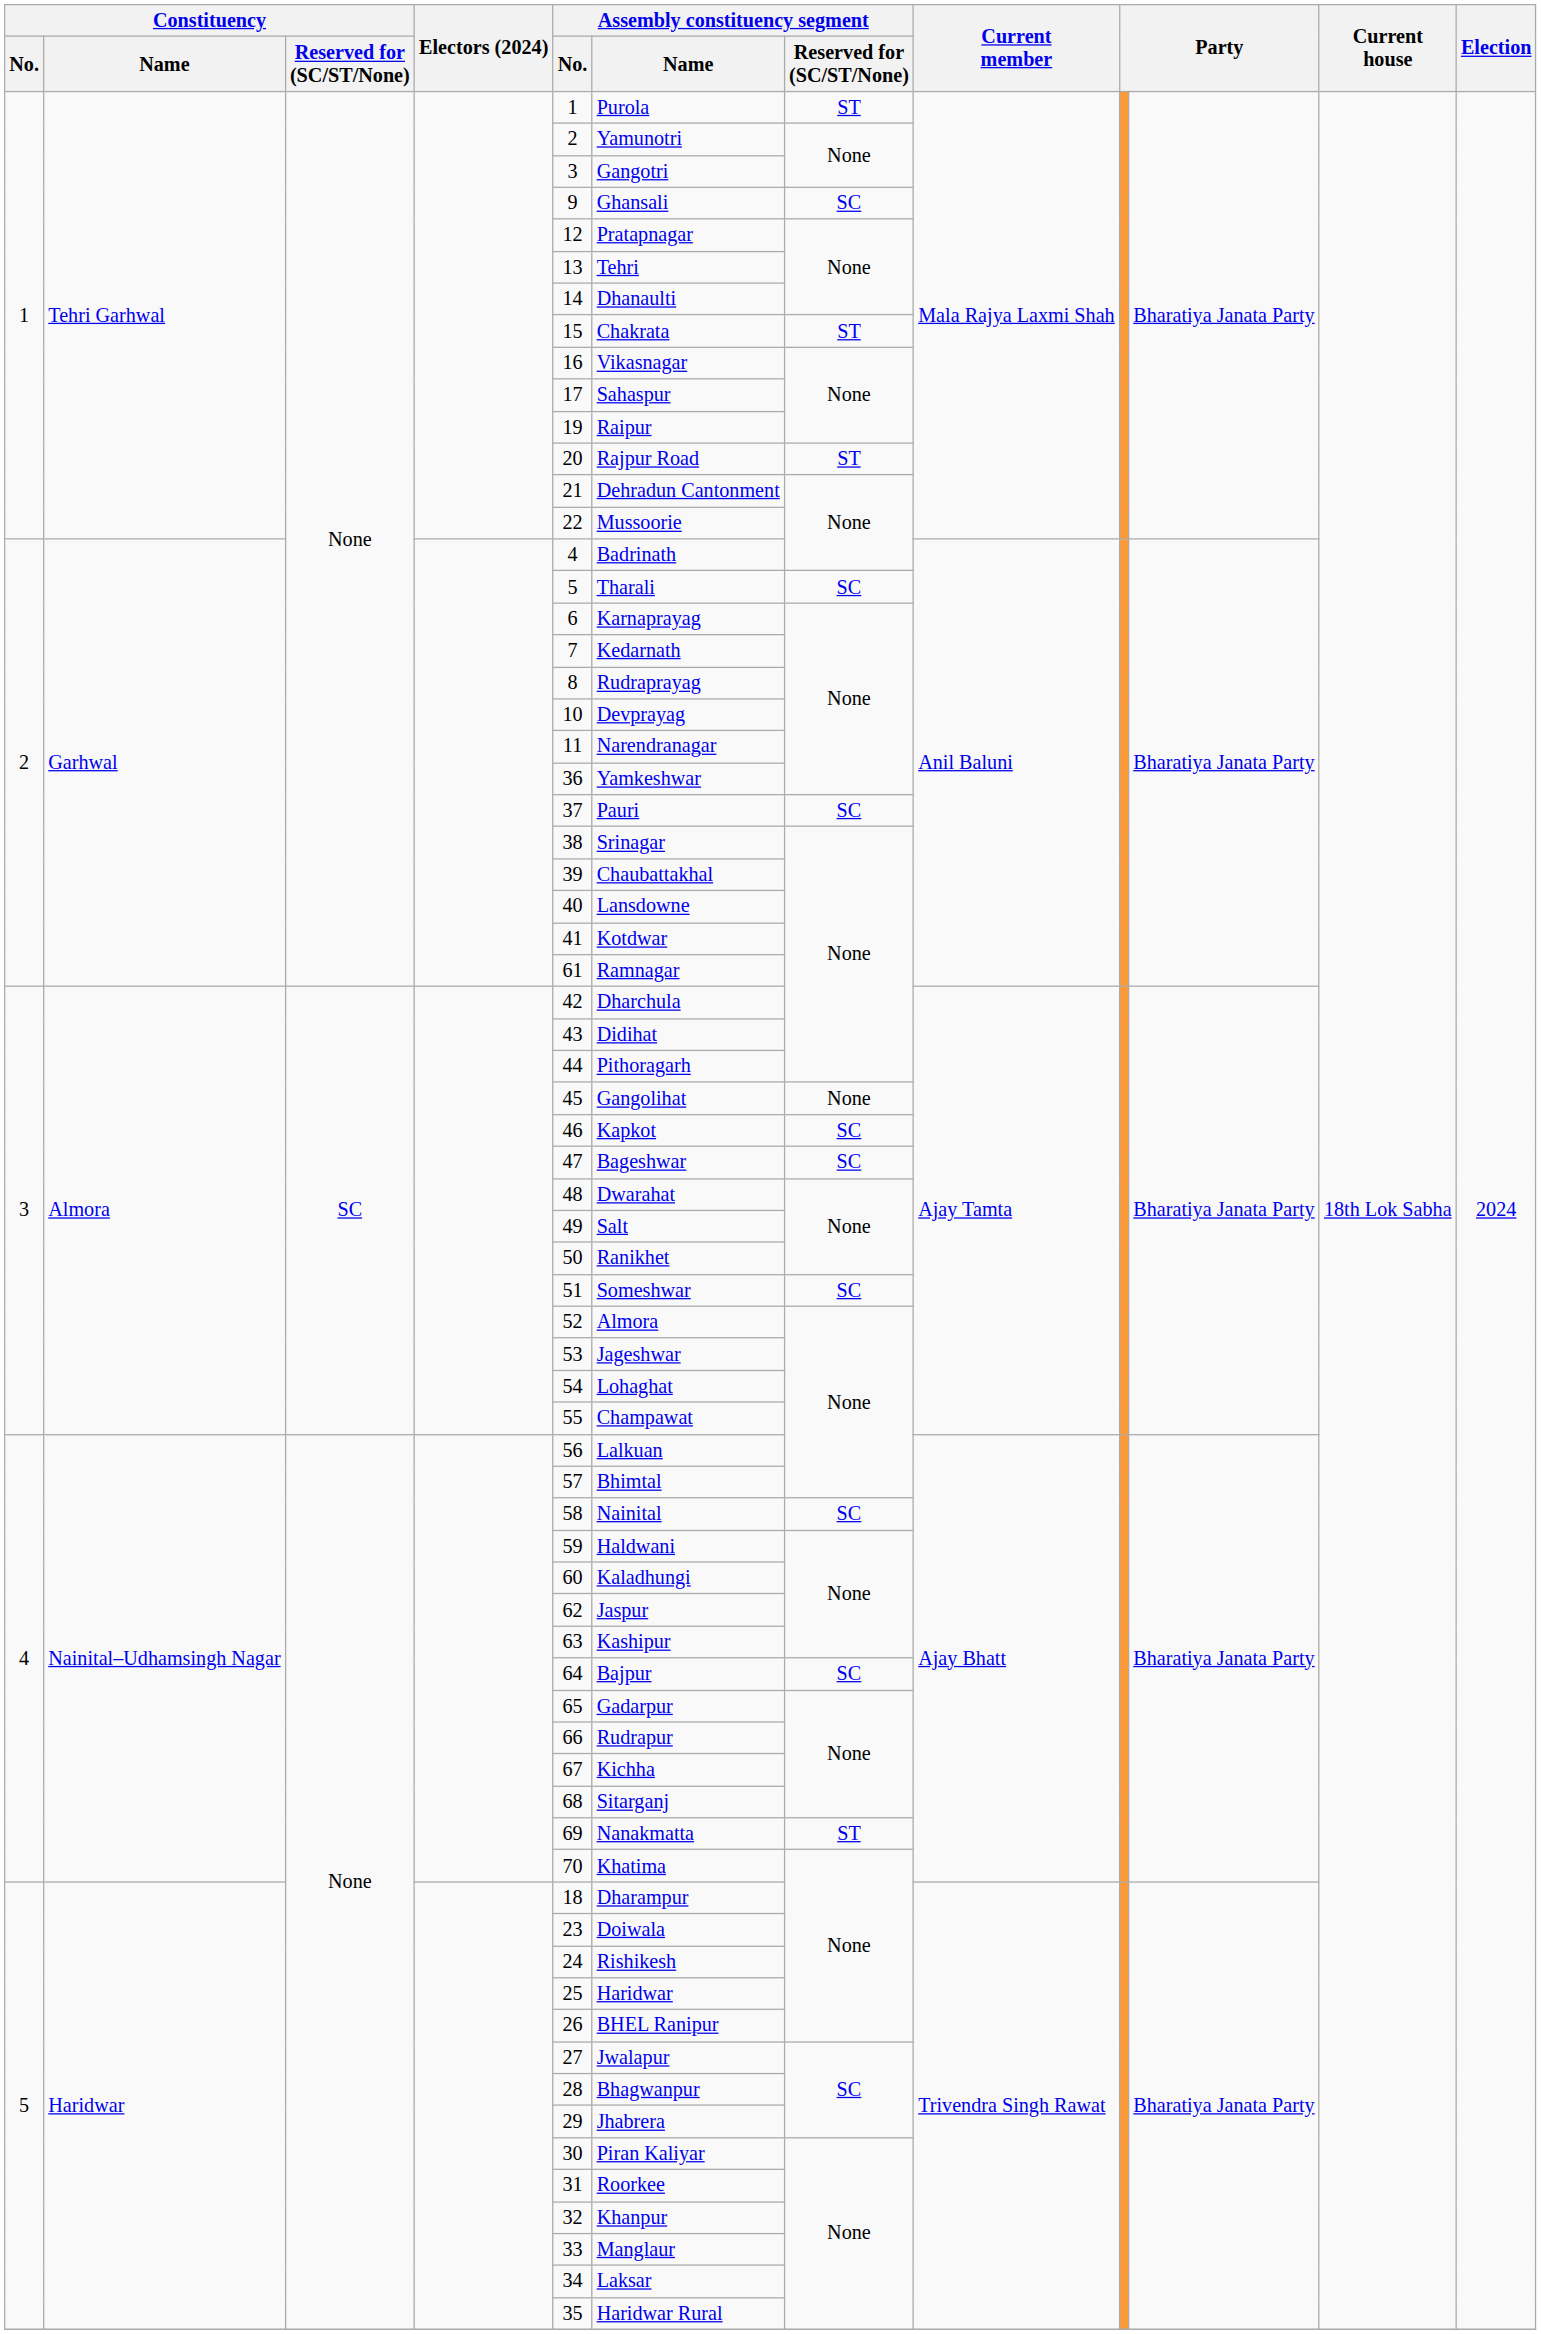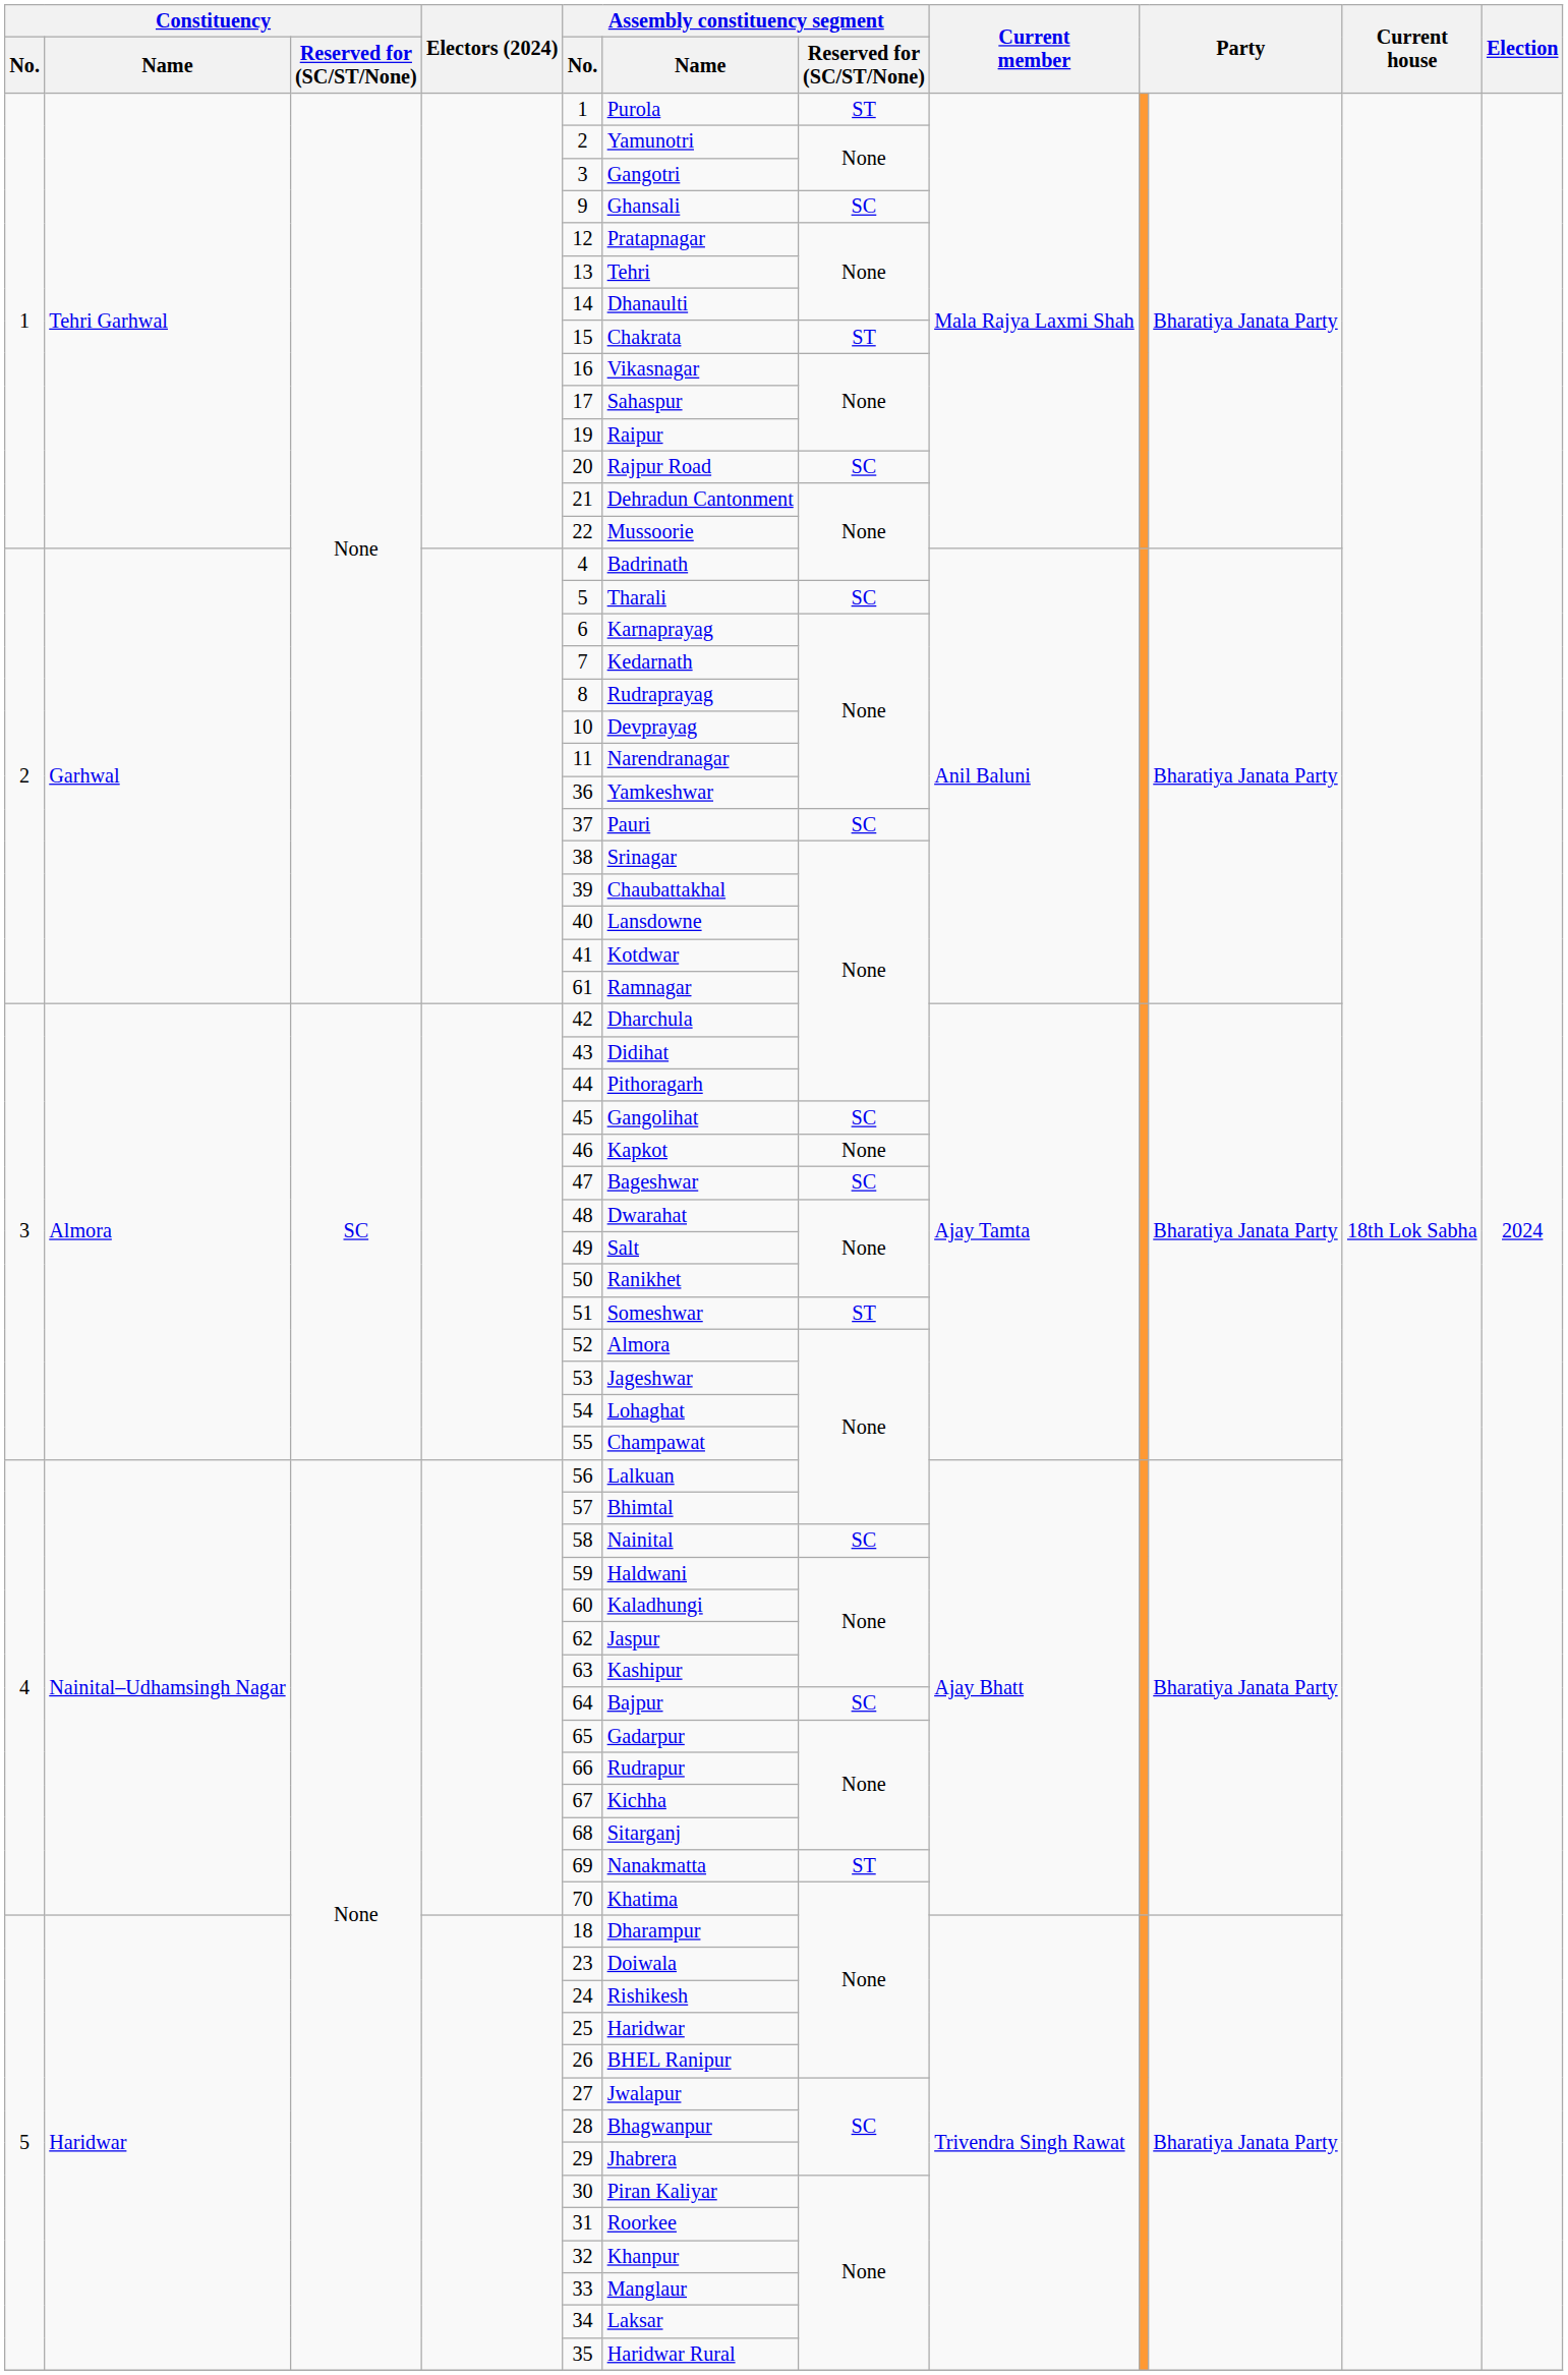 <table class="wikitable sortable">
 <tr>
 <th colspan="3"><a href='#'>Constituency</a></th>
 <th rowspan="2">Electors (2024)</th>
 <th colspan="3"><a href='#'>Assembly constituency segment</a></th>
 <th rowspan="2"><a href='#'>Current<br>member</a></th>
 <th rowspan="2" colspan="2">Party</th>
 <th rowspan="2">Current<br>house</th>
 <th rowspan="2"><a href='#'>Election</a></th>
 </tr>
 <tr>
 <th>No.</th>
 <th>Name</th>
 <th><a href='#'>Reserved for</a><br>(SC/ST/None)</th>
 <th>No.</th>
 <th>Name</th>
 <th>Reserved for<br>(SC/ST/None)</th>
 </tr>
 <tr>
 <td rowspan="14"; align="center">1</td>
 <td rowspan="14"><a href='#'>Tehri Garhwal</a></td>
 <td rowspan="28"; align="center">None</td>
 <td rowspan="14"></td>
 <td align="center">1</td>
 <td><a href='#'>Purola</a></td>
 <td align="center"><a href='#'>ST</a></td>
 <td rowspan="14"><a href='#'>Mala Rajya Laxmi Shah</a></td>
 <td rowspan="14"; bgcolor="#FF9933"></td>
 <td rowspan="14"><a href='#'>Bharatiya Janata Party</a></td>
 <td rowspan="70"; align="center"><a href='#'>18th Lok Sabha</a></td>
 <td rowspan="70"; align="center"><a href='#'>2024</a></td>
 </tr>
 <tr>
 <td align="center">2</td>
 <td><a href='#'>Yamunotri</a></td>
 <td rowspan="2"; align="center">None</td>
 </tr>
 <tr>
 <td align="center">3</td>
 <td><a href='#'>Gangotri</a></td>
 </tr>
 <tr>
 <td align="center">9</td>
 <td><a href='#'>Ghansali</a></td>
 <td align="center"><a href='#'>SC</a></td>
 </tr>
 <tr>
 <td align="center">12</td>
 <td><a href='#'>Pratapnagar</a></td>
 <td rowspan="3"; align="center">None</td>
 </tr>
 <tr>
 <td align="center">13</td>
 <td><a href='#'>Tehri</a></td>
 </tr>
 <tr>
 <td align="center">14</td>
 <td><a href='#'>Dhanaulti</a></td>
 </tr>
 <tr>
 <td align="center">15</td>
 <td><a href='#'>Chakrata</a></td>
 <td align="center"><a href='#'>ST</a></td>
 </tr>
 <tr>
 <td align="center">16</td>
 <td><a href='#'>Vikasnagar</a></td>
 <td rowspan="3"; align="center">None</td>
 </tr>
 <tr>
 <td align="center">17</td>
 <td><a href='#'>Sahaspur</a></td>
 </tr>
 <tr>
 <td align="center">19</td>
 <td><a href='#'>Raipur</a></td>
 </tr>
 <tr>
 <td align="center">20</td>
 <td><a href='#'>Rajpur Road</a></td>
-<td align="center"><a href='#'>ST</a></td>
+<td align="center"><a href='#'>SC</a></td>
 </tr>
 <tr>
 <td align="center">21</td>
 <td><a href='#'>Dehradun Cantonment</a></td>
 <td rowspan="3"; align="center">None</td>
 </tr>
 <tr>
 <td align="center">22</td>
 <td><a href='#'>Mussoorie</a></td>
 </tr>
 <tr>
 <td rowspan="14"; align="center">2</td>
 <td rowspan="14"><a href='#'>Garhwal</a></td>
 <td rowspan="14"></td>
 <td align="center">4</td>
 <td><a href='#'>Badrinath</a></td>
 <td rowspan="14"><a href='#'>Anil Baluni</a></td>
 <td rowspan="14"; bgcolor="#FF9933"></td>
 <td rowspan="14"><a href='#'>Bharatiya Janata Party</a></td>
 </tr>
 <tr>
 <td align="center">5</td>
 <td><a href='#'>Tharali</a></td>
 <td align="center"><a href='#'>SC</a></td>
 </tr>
 <tr>
 <td align="center">6</td>
 <td><a href='#'>Karnaprayag</a></td>
 <td rowspan="6"; align="center">None</td>
 </tr>
 <tr>
 <td align="center">7</td>
 <td><a href='#'>Kedarnath</a></td>
 </tr>
 <tr>
 <td align="center">8</td>
 <td><a href='#'>Rudraprayag</a></td>
 </tr>
 <tr>
 <td align="center">10</td>
 <td><a href='#'>Devprayag</a></td>
 </tr>
 <tr>
 <td align="center">11</td>
 <td><a href='#'>Narendranagar</a></td>
 </tr>
 <tr>
 <td align="center">36</td>
 <td><a href='#'>Yamkeshwar</a></td>
 </tr>
 <tr>
 <td align="center">37</td>
 <td><a href='#'>Pauri</a></td>
 <td align="center"><a href='#'>SC</a></td>
 </tr>
 <tr>
 <td align="center">38</td>
 <td><a href='#'>Srinagar</a></td>
 <td rowspan="8"; align="center">None</td>
 </tr>
 <tr>
 <td align="center">39</td>
 <td><a href='#'>Chaubattakhal</a></td>
 </tr>
 <tr>
 <td align="center">40</td>
 <td><a href='#'>Lansdowne</a></td>
 </tr>
 <tr>
 <td align="center">41</td>
 <td><a href='#'>Kotdwar</a></td>
 </tr>
 <tr>
 <td align="center">61</td>
 <td><a href='#'>Ramnagar</a></td>
 </tr>
 <tr>
 <td rowspan="14"; align="center">3</td>
 <td rowspan="14"><a href='#'>Almora</a></td>
 <td rowspan="14"; align="center"><a href='#'>SC</a></td>
 <td rowspan="14"></td>
 <td align="center">42</td>
 <td><a href='#'>Dharchula</a></td>
 <td rowspan="14"><a href='#'>Ajay Tamta</a></td>
 <td rowspan="14"; bgcolor="#FF9933"></td>
 <td rowspan="14"><a href='#'>Bharatiya Janata Party</a></td>
 </tr>
 <tr>
 <td align="center">43</td>
 <td><a href='#'>Didihat</a></td>
 </tr>
 <tr>
 <td align="center">44</td>
 <td><a href='#'>Pithoragarh</a></td>
 </tr>
 <tr>
 <td align="center">45</td>
 <td><a href='#'>Gangolihat</a></td>
-<td align="center">None</td>
+<td align="center"><a href='#'>SC</a></td>
 </tr>
 <tr>
 <td align="center">46</td>
 <td><a href='#'>Kapkot</a></td>
-<td align="center"><a href='#'>SC</a></td>
+<td align="center">None</td>
 </tr>
 <tr>
 <td align="center">47</td>
 <td><a href='#'>Bageshwar</a></td>
 <td align="center"><a href='#'>SC</a></td>
 </tr>
 <tr>
 <td align="center">48</td>
 <td><a href='#'>Dwarahat</a></td>
 <td rowspan="3"; align="center">None</td>
 </tr>
 <tr>
 <td align="center">49</td>
 <td><a href='#'>Salt</a></td>
 </tr>
 <tr>
 <td align="center">50</td>
 <td><a href='#'>Ranikhet</a></td>
 </tr>
 <tr>
 <td align="center">51</td>
 <td><a href='#'>Someshwar</a></td>
-<td align="center"><a href='#'>SC</a></td>
+<td align="center"><a href='#'>ST</a></td>
 </tr>
 <tr>
 <td align="center">52</td>
 <td><a href='#'>Almora</a></td>
 <td rowspan="6"; align="center">None</td>
 </tr>
 <tr>
 <td align="center">53</td>
 <td><a href='#'>Jageshwar</a></td>
 </tr>
 <tr>
 <td align="center">54</td>
 <td><a href='#'>Lohaghat</a></td>
 </tr>
 <tr>
 <td align="center">55</td>
 <td><a href='#'>Champawat</a></td>
 </tr>
 <tr>
 <td rowspan="14"; align="center">4</td>
 <td rowspan="14"><a href='#'>Nainital–Udhamsingh Nagar</a></td>
 <td rowspan="28"; align="center">None</td>
 <td rowspan="14"></td>
 <td align="center">56</td>
 <td><a href='#'>Lalkuan</a></td>
 <td rowspan="14"><a href='#'>Ajay Bhatt</a></td>
 <td rowspan="14"; bgcolor="#FF9933"></td>
 <td rowspan="14"><a href='#'>Bharatiya Janata Party</a></td>
 </tr>
 <tr>
 <td align="center">57</td>
 <td><a href='#'>Bhimtal</a></td>
 </tr>
 <tr>
 <td align="center">58</td>
 <td><a href='#'>Nainital</a></td>
 <td align="center"><a href='#'>SC</a></td>
 </tr>
 <tr>
 <td align="center">59</td>
 <td><a href='#'>Haldwani</a></td>
 <td rowspan="4"; align="center">None</td>
 </tr>
 <tr>
 <td align="center">60</td>
 <td><a href='#'>Kaladhungi</a></td>
 </tr>
 <tr>
 <td align="center">62</td>
 <td><a href='#'>Jaspur</a></td>
 </tr>
 <tr>
 <td align="center">63</td>
 <td><a href='#'>Kashipur</a></td>
 </tr>
 <tr>
 <td align="center">64</td>
 <td><a href='#'>Bajpur</a></td>
 <td align="center"><a href='#'>SC</a></td>
 </tr>
 <tr>
 <td align="center">65</td>
 <td><a href='#'>Gadarpur</a></td>
 <td rowspan="4"; align="center">None</td>
 </tr>
 <tr>
 <td align="center">66</td>
 <td><a href='#'>Rudrapur</a></td>
 </tr>
 <tr>
 <td align="center">67</td>
 <td><a href='#'>Kichha</a></td>
 </tr>
 <tr>
 <td align="center">68</td>
 <td><a href='#'>Sitarganj</a></td>
 </tr>
 <tr>
 <td align="center">69</td>
 <td><a href='#'>Nanakmatta</a></td>
 <td align="center"><a href='#'>ST</a></td>
 </tr>
 <tr>
 <td align="center">70</td>
 <td><a href='#'>Khatima</a></td>
 <td rowspan="6"; align="center">None</td>
 </tr>
 <tr>
 <td rowspan="14"; align="center">5</td>
 <td rowspan="14"><a href='#'>Haridwar</a></td>
 <td rowspan="14"></td>
 <td align="center">18</td>
 <td><a href='#'>Dharampur</a></td>
 <td rowspan="14"><a href='#'>Trivendra Singh Rawat</a></td>
 <td rowspan="14"; bgcolor="#FF9933"></td>
 <td rowspan="14"><a href='#'>Bharatiya Janata Party</a></td>
 </tr>
 <tr>
 <td align="center">23</td>
 <td><a href='#'>Doiwala</a></td>
 </tr>
 <tr>
 <td align="center">24</td>
 <td><a href='#'>Rishikesh</a></td>
 </tr>
 <tr>
 <td align="center">25</td>
 <td><a href='#'>Haridwar</a></td>
 </tr>
 <tr>
 <td align="center">26</td>
 <td><a href='#'>BHEL Ranipur</a></td>
 </tr>
 <tr>
 <td align="center">27</td>
 <td><a href='#'>Jwalapur</a></td>
 <td rowspan="3"; align="center"><a href='#'>SC</a></td>
 </tr>
 <tr>
 <td align="center">28</td>
 <td><a href='#'>Bhagwanpur</a></td>
 </tr>
 <tr>
 <td align="center">29</td>
 <td><a href='#'>Jhabrera</a></td>
 </tr>
 <tr>
 <td align="center">30</td>
 <td><a href='#'>Piran Kaliyar</a></td>
 <td rowspan="6"; align="center">None</td>
 </tr>
 <tr>
 <td align="center">31</td>
 <td><a href='#'>Roorkee</a></td>
 </tr>
 <tr>
 <td align="center">32</td>
 <td><a href='#'>Khanpur</a></td>
 </tr>
 <tr>
 <td align="center">33</td>
 <td><a href='#'>Manglaur</a></td>
 </tr>
 <tr>
 <td align="center">34</td>
 <td><a href='#'>Laksar</a></td>
 </tr>
 <tr>
 <td align="center">35</td>
 <td><a href='#'>Haridwar Rural</a></td>
 </tr>
 <tr>
 </tr>
 </table>
